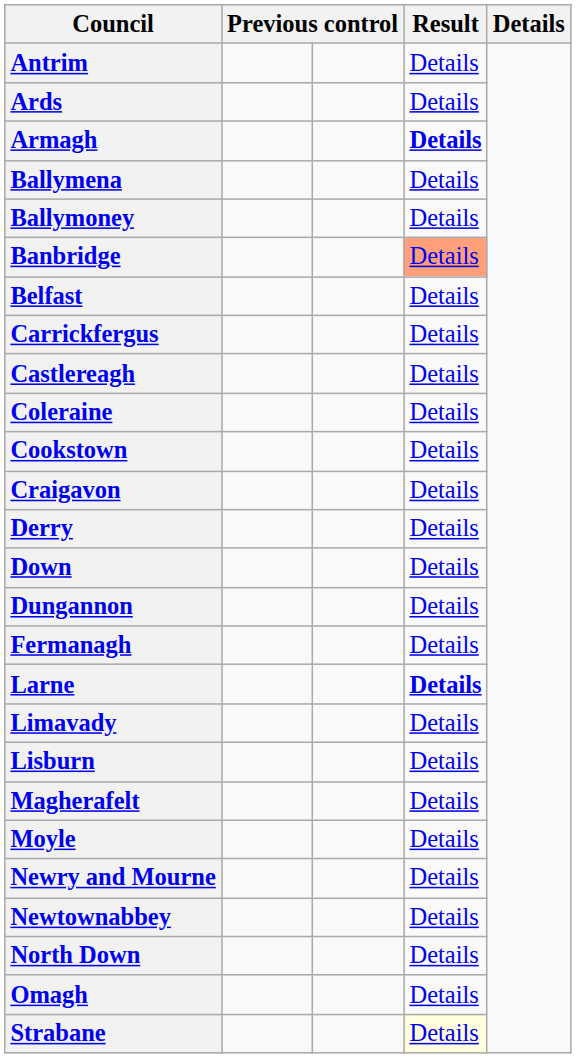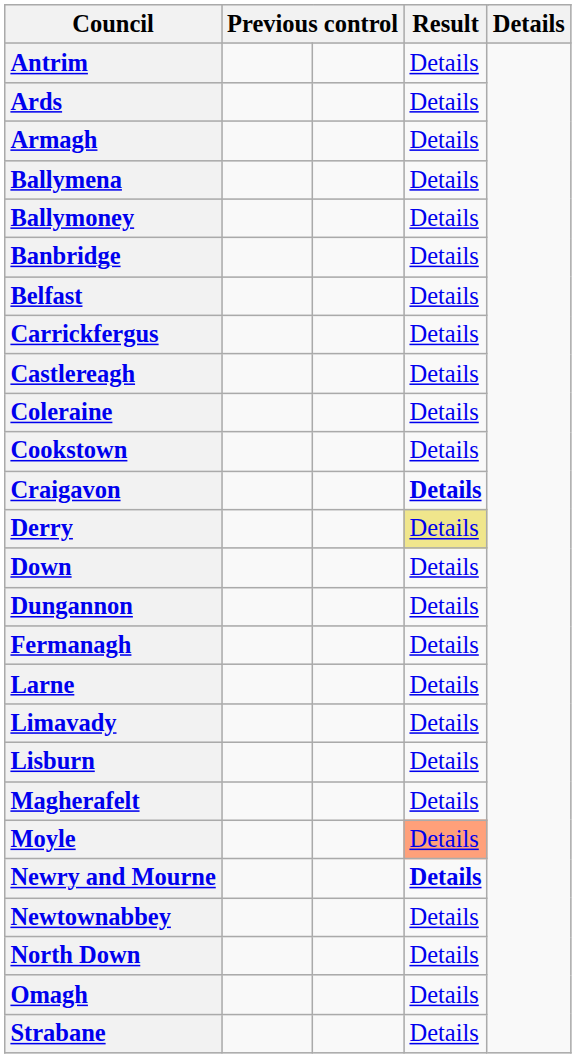 <table class="wikitable sortable" border="1">
 <tr>
 <th scope="col">Council</th>
 <th colspan=2>Previous control</th>
 <th colspan=2>Result</th>
 <th class="unsortable" scope="col">Details</th>
 </tr>
 <tr>
 <th scope="row" style="text-align: left;"><a href='#'>Antrim</a></th>
 <td></td>
 <td></td>
 <td><a href='#'>Details</a></td>
 </tr>
 <tr>
 <th scope="row" style="text-align: left;"><a href='#'>Ards</a></th>
 <td></td>
 <td></td>
 <td><a href='#'>Details</a></td>
 </tr>
 <tr>
 <th scope="row" style="text-align: left;"><a href='#'>Armagh</a></th>
 <td></td>
 <td></td>
-<td><strong><a href='#'>Details</a></strong></td>
+<td><a href='#'>Details</a></td>
 </tr>
 <tr>
 <th scope="row" style="text-align: left;"><a href='#'>Ballymena</a></th>
 <td></td>
 <td></td>
 <td><a href='#'>Details</a></td>
 </tr>
 <tr>
 <th scope="row" style="text-align: left;"><a href='#'>Ballymoney</a></th>
 <td></td>
 <td></td>
 <td><a href='#'>Details</a></td>
 </tr>
 <tr>
 <th scope="row" style="text-align: left;"><a href='#'>Banbridge</a></th>
 <td></td>
 <td></td>
-<td style="background: lightsalmon;"><a href='#'>Details</a></td>
+<td><a href='#'>Details</a></td>
 </tr>
 <tr>
 <th scope="row" style="text-align: left;"><a href='#'>Belfast</a></th>
 <td></td>
 <td></td>
 <td><a href='#'>Details</a></td>
 </tr>
 <tr>
 <th scope="row" style="text-align: left;"><a href='#'>Carrickfergus</a></th>
 <td></td>
 <td></td>
 <td><a href='#'>Details</a></td>
 </tr>
 <tr>
 <th scope="row" style="text-align: left;"><a href='#'>Castlereagh</a></th>
 <td></td>
 <td></td>
 <td><a href='#'>Details</a></td>
 </tr>
 <tr>
 <th scope="row" style="text-align: left;"><a href='#'>Coleraine</a></th>
 <td></td>
 <td></td>
 <td><a href='#'>Details</a></td>
 </tr>
 <tr>
 <th scope="row" style="text-align: left;"><a href='#'>Cookstown</a></th>
 <td></td>
 <td></td>
 <td><a href='#'>Details</a></td>
 </tr>
 <tr>
 <th scope="row" style="text-align: left;"><a href='#'>Craigavon</a></th>
 <td></td>
 <td></td>
-<td><a href='#'>Details</a></td>
+<td><strong><a href='#'>Details</a></strong></td>
 </tr>
 <tr>
 <th scope="row" style="text-align: left;"><a href='#'>Derry</a></th>
 <td></td>
 <td></td>
-<td><a href='#'>Details</a></td>
+<td style="background: khaki;"><a href='#'>Details</a></td>
 </tr>
 <tr>
 <th scope="row" style="text-align: left;"><a href='#'>Down</a></th>
 <td></td>
 <td></td>
 <td><a href='#'>Details</a></td>
 </tr>
 <tr>
 <th scope="row" style="text-align: left;"><a href='#'>Dungannon</a></th>
 <td></td>
 <td></td>
 <td><a href='#'>Details</a></td>
 </tr>
 <tr>
 <th scope="row" style="text-align: left;"><a href='#'>Fermanagh</a></th>
 <td></td>
 <td></td>
 <td><a href='#'>Details</a></td>
 </tr>
 <tr>
 <th scope="row" style="text-align: left;"><a href='#'>Larne</a></th>
 <td></td>
 <td></td>
-<td><strong><a href='#'>Details</a></strong></td>
+<td><a href='#'>Details</a></td>
 </tr>
 <tr>
 <th scope="row" style="text-align: left;"><a href='#'>Limavady</a></th>
 <td></td>
 <td></td>
 <td><a href='#'>Details</a></td>
 </tr>
 <tr>
 <th scope="row" style="text-align: left;"><a href='#'>Lisburn</a></th>
 <td></td>
 <td></td>
 <td><a href='#'>Details</a></td>
 </tr>
 <tr>
 <th scope="row" style="text-align: left;"><a href='#'>Magherafelt</a></th>
 <td></td>
 <td></td>
 <td><a href='#'>Details</a></td>
 </tr>
 <tr>
 <th scope="row" style="text-align: left;"><a href='#'>Moyle</a></th>
 <td></td>
 <td></td>
-<td><a href='#'>Details</a></td>
+<td style="background: lightsalmon;"><a href='#'>Details</a></td>
 </tr>
 <tr>
 <th scope="row" style="text-align: left;"><a href='#'>Newry and Mourne</a></th>
 <td></td>
 <td></td>
-<td><a href='#'>Details</a></td>
+<td><strong><a href='#'>Details</a></strong></td>
 </tr>
 <tr>
 <th scope="row" style="text-align: left;"><a href='#'>Newtownabbey</a></th>
 <td></td>
 <td></td>
 <td><a href='#'>Details</a></td>
 </tr>
 <tr>
 <th scope="row" style="text-align: left;"><a href='#'>North Down</a></th>
 <td></td>
 <td></td>
 <td><a href='#'>Details</a></td>
 </tr>
 <tr>
 <th scope="row" style="text-align: left;"><a href='#'>Omagh</a></th>
 <td></td>
 <td></td>
 <td><a href='#'>Details</a></td>
 </tr>
 <tr>
 <th scope="row" style="text-align: left;"><a href='#'>Strabane</a></th>
 <td></td>
 <td></td>
-<td style="background: lightyellow;"><a href='#'>Details</a></td>
+<td><a href='#'>Details</a></td>
 </tr>
 </table>
